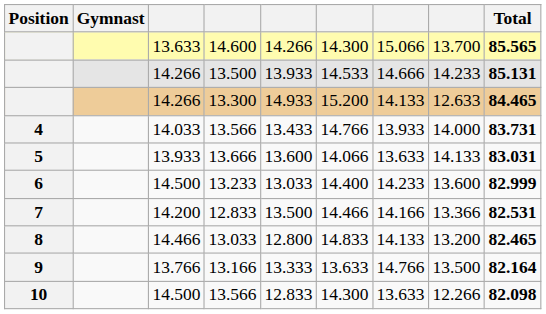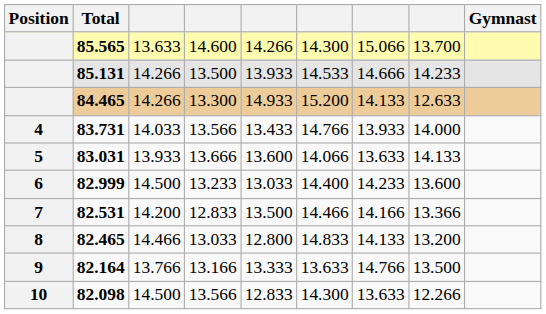 <table class="wikitable sortable" style="text-align:center; font-size:100%">
 <tr>
 <th>Position</th>
-<th>Gymnast</th>
+<th>Total</th>
 <th></th>
 <th></th>
 <th></th>
 <th></th>
 <th></th>
 <th></th>
-<th>Total</th>
+<th>Gymnast</th>
 </tr>
 <tr style="background:#fffcaf;">
 <th scope="row" style="text-align:center"></th>
-<td style="text-align:left;"></td>
+<td><strong>85.565</strong></td>
 <td>13.633</td>
 <td>14.600</td>
 <td>14.266</td>
 <td>14.300</td>
 <td>15.066</td>
 <td>13.700</td>
-<td><strong>85.565</strong></td>
+<td style="text-align:left;"></td>
 </tr>
 <tr style="background:#e5e5e5;">
 <th scope="row" style="text-align:center"></th>
-<td style="text-align:left;"></td>
+<td><strong>85.131</strong></td>
 <td>14.266</td>
 <td>13.500</td>
 <td>13.933</td>
 <td>14.533</td>
 <td>14.666</td>
 <td>14.233</td>
-<td><strong>85.131</strong></td>
+<td style="text-align:left;"></td>
 </tr>
 <tr style="background:#ec9;">
 <th scope="row" style="text-align:center"></th>
-<td style="text-align:left;"></td>
+<td><strong>84.465</strong></td>
 <td>14.266</td>
 <td>13.300</td>
 <td>14.933</td>
 <td>15.200</td>
 <td>14.133</td>
 <td>12.633</td>
-<td><strong>84.465</strong></td>
+<td style="text-align:left;"></td>
 </tr>
 <tr>
 <th>4</th>
-<td style="text-align:left;"></td>
+<td><strong>83.731</strong></td>
 <td>14.033</td>
 <td>13.566</td>
 <td>13.433</td>
 <td>14.766</td>
 <td>13.933</td>
 <td>14.000</td>
-<td><strong>83.731</strong></td>
+<td style="text-align:left;"></td>
 </tr>
 <tr>
 <th>5</th>
-<td style="text-align:left;"></td>
+<td><strong>83.031</strong></td>
 <td>13.933</td>
 <td>13.666</td>
 <td>13.600</td>
 <td>14.066</td>
 <td>13.633</td>
 <td>14.133</td>
-<td><strong>83.031</strong></td>
+<td style="text-align:left;"></td>
 </tr>
 <tr>
 <th>6</th>
-<td style="text-align:left;"></td>
+<td><strong>82.999</strong></td>
 <td>14.500</td>
 <td>13.233</td>
 <td>13.033</td>
 <td>14.400</td>
 <td>14.233</td>
 <td>13.600</td>
-<td><strong>82.999</strong></td>
+<td style="text-align:left;"></td>
 </tr>
 <tr>
 <th>7</th>
-<td style="text-align:left;"></td>
+<td><strong>82.531</strong></td>
 <td>14.200</td>
 <td>12.833</td>
 <td>13.500</td>
 <td>14.466</td>
 <td>14.166</td>
 <td>13.366</td>
-<td><strong>82.531</strong></td>
+<td style="text-align:left;"></td>
 </tr>
 <tr>
 <th>8</th>
-<td style="text-align:left;"></td>
+<td><strong>82.465</strong></td>
 <td>14.466</td>
 <td>13.033</td>
 <td>12.800</td>
 <td>14.833</td>
 <td>14.133</td>
 <td>13.200</td>
-<td><strong>82.465</strong></td>
+<td style="text-align:left;"></td>
 </tr>
 <tr>
 <th>9</th>
-<td style="text-align:left;"></td>
+<td><strong>82.164</strong></td>
 <td>13.766</td>
 <td>13.166</td>
 <td>13.333</td>
 <td>13.633</td>
 <td>14.766</td>
 <td>13.500</td>
-<td><strong>82.164</strong></td>
+<td style="text-align:left;"></td>
 </tr>
 <tr>
 <th>10</th>
-<td style="text-align:left;"></td>
+<td><strong>82.098</strong></td>
 <td>14.500</td>
 <td>13.566</td>
 <td>12.833</td>
 <td>14.300</td>
 <td>13.633</td>
 <td>12.266</td>
-<td><strong>82.098</strong></td>
+<td style="text-align:left;"></td>
 </tr>
 </table>
